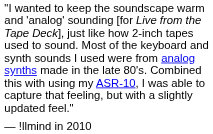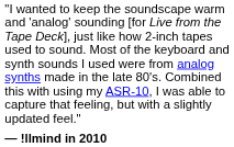 <table class="toccolours" style="float: right; margin-left: 1em; margin-right: 2em; font-size: 85%; background:offwhite; color:black; width:20em; max-width: 40%;" cellspacing="5">
 <tr>
 <td style="text-align: left;">"I wanted to keep the soundscape warm and 'analog' sounding [for <em>Live from the Tape Deck</em>], just like how 2-inch tapes used to sound. Most of the keyboard and synth sounds I used were from <a href='#'>analog synths</a> made in the late 80's. Combined this with using my <a href='#'>ASR-10</a>, I was able to capture that feeling, but with a slightly updated feel."</td>
 </tr>
 <tr>
-<td style="text-align: left;">— !llmind in 2010</td>
+<td style="text-align: left;"><strong>— !llmind in 2010</strong></td>
 </tr>
 </table>
